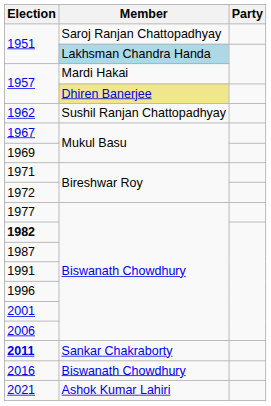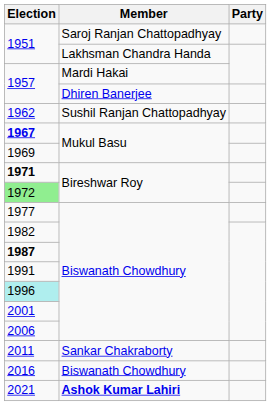 <table class="wikitable sortable">
 <tr>
 <th>Election</th>
 <th>Member</th>
 <th colspan=2>Party</th>
 </tr>
 <tr>
 <td rowspan=2><a href='#'>1951</a></td>
 <td>Saroj Ranjan Chattopadhyay</td>
 <td></td>
 </tr>
 <tr>
-<td style="background: lightblue;">Lakhsman Chandra Handa</td>
+<td>Lakhsman Chandra Handa</td>
 </tr>
 <tr>
 <td rowspan=2><a href='#'>1957</a></td>
 <td>Mardi Hakai</td>
 </tr>
 <tr>
-<td style="background: khaki;"><a href='#'>Dhiren Banerjee</a></td>
+<td><a href='#'>Dhiren Banerjee</a></td>
 <td></td>
 </tr>
 <tr>
 <td><a href='#'>1962</a></td>
 <td>Sushil Ranjan Chattopadhyay</td>
 <td></td>
 </tr>
 <tr>
-<td><a href='#'>1967</a></td>
+<td><strong><a href='#'>1967</a></strong></td>
 <td rowspan=2>Mukul Basu</td>
 <td></td>
 </tr>
 <tr>
 <td>1969</td>
 <td></td>
 </tr>
 <tr>
-<td>1971</td>
+<td><strong>1971</strong></td>
 <td rowspan=2>Bireshwar Roy</td>
 <td></td>
 </tr>
 <tr>
-<td>1972</td>
+<td style="background: lightgreen;">1972</td>
 </tr>
 <tr>
 <td>1977</td>
 <td rowspan=7><a href='#'>Biswanath Chowdhury</a></td>
 <td></td>
 </tr>
 <tr>
-<td><strong>1982</strong></td>
+<td>1982</td>
 </tr>
 <tr>
-<td>1987</td>
+<td><strong>1987</strong></td>
 </tr>
 <tr>
 <td>1991</td>
 </tr>
 <tr>
-<td>1996</td>
+<td style="background: paleturquoise;">1996</td>
 </tr>
 <tr>
 <td><a href='#'>2001</a></td>
 </tr>
 <tr>
 <td><a href='#'>2006</a></td>
 </tr>
 <tr>
-<td><strong><a href='#'>2011</a></strong></td>
+<td><a href='#'>2011</a></td>
 <td><a href='#'>Sankar Chakraborty</a></td>
 <td></td>
 </tr>
 <tr>
 <td><a href='#'>2016</a></td>
 <td><a href='#'>Biswanath Chowdhury</a></td>
 <td></td>
 </tr>
 <tr>
 <td><a href='#'>2021</a></td>
-<td><a href='#'>Ashok Kumar Lahiri</a></td>
+<td><strong><a href='#'>Ashok Kumar Lahiri</a></strong></td>
 <td></td>
 </tr>
 </table>
